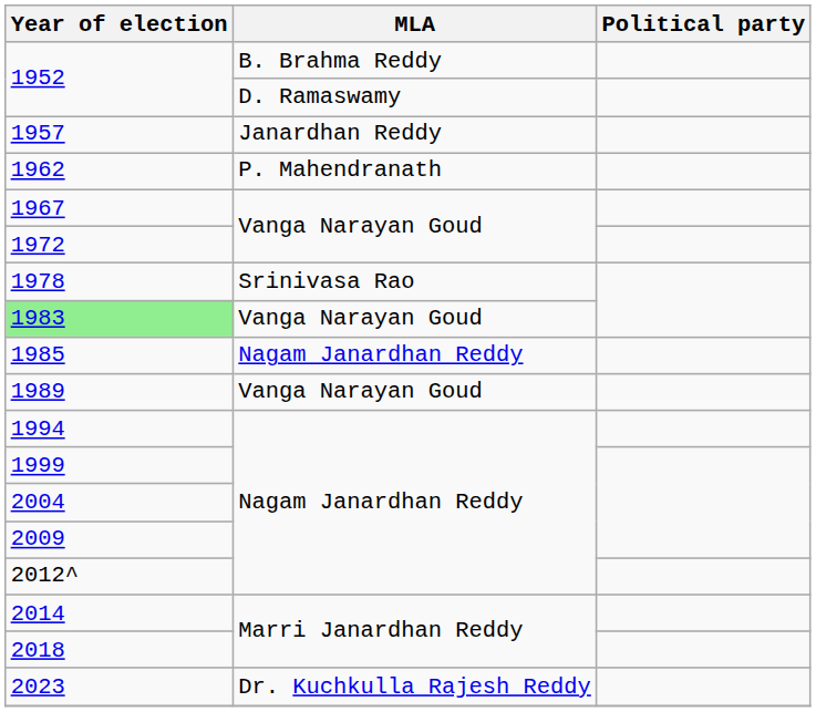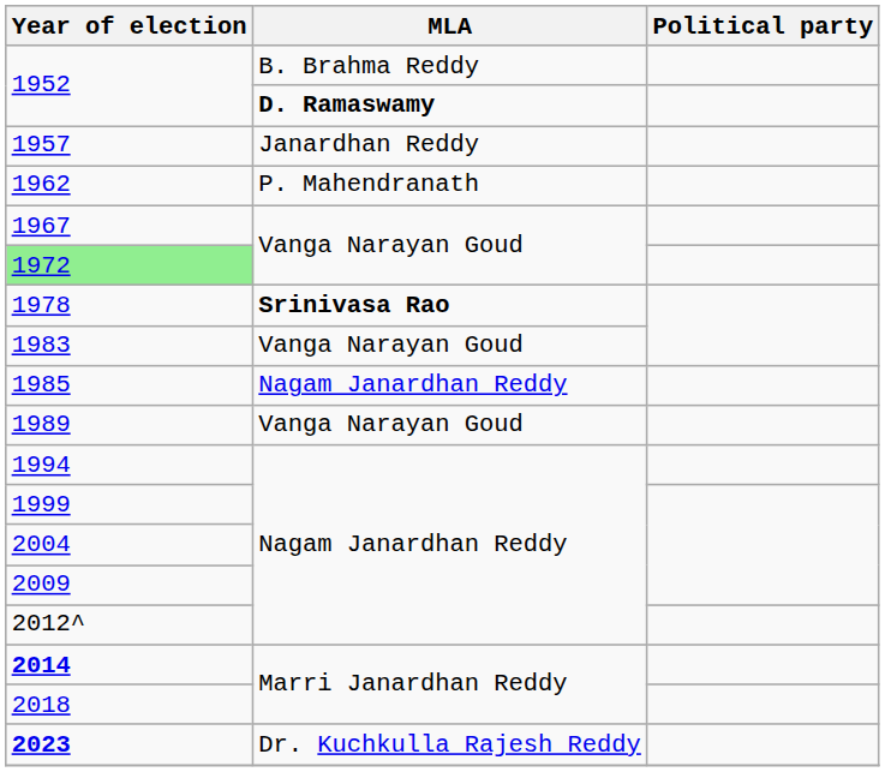 <table class="wikitable sortable">
 <tr>
 <th>Year of election</th>
 <th>MLA</th>
 <th colspan="2">Political party</th>
 </tr>
 <tr>
 <td rowspan="2"><a href='#'>1952</a></td>
 <td>B. Brahma Reddy</td>
 <td></td>
 </tr>
 <tr>
-<td>D. Ramaswamy</td>
+<td><strong>D. Ramaswamy</strong></td>
 </tr>
 <tr>
 <td><a href='#'>1957</a></td>
 <td>Janardhan Reddy</td>
 <td></td>
 </tr>
 <tr>
 <td><a href='#'>1962</a></td>
 <td>P. Mahendranath</td>
 </tr>
 <tr>
 <td><a href='#'>1967</a></td>
 <td rowspan=2>Vanga Narayan Goud</td>
 <td></td>
 </tr>
 <tr>
-<td><a href='#'>1972</a></td>
+<td style="background: lightgreen;"><a href='#'>1972</a></td>
 <td></td>
 </tr>
 <tr>
 <td><a href='#'>1978</a></td>
-<td>Srinivasa Rao</td>
+<td><strong>Srinivasa Rao</strong></td>
 </tr>
 <tr>
-<td style="background: lightgreen;"><a href='#'>1983</a></td>
+<td><a href='#'>1983</a></td>
 <td>Vanga Narayan Goud</td>
 </tr>
 <tr>
 <td><a href='#'>1985</a></td>
 <td><a href='#'>Nagam Janardhan Reddy</a></td>
 <td></td>
 </tr>
 <tr>
 <td><a href='#'>1989</a></td>
 <td>Vanga Narayan Goud</td>
 <td></td>
 </tr>
 <tr>
 <td><a href='#'>1994</a></td>
 <td rowspan=5>Nagam Janardhan Reddy</td>
 <td></td>
 </tr>
 <tr>
 <td><a href='#'>1999</a></td>
 </tr>
 <tr>
 <td><a href='#'>2004</a></td>
 </tr>
 <tr>
 <td><a href='#'>2009</a></td>
 </tr>
 <tr>
 <td>2012^</td>
 <td></td>
 </tr>
 <tr>
-<td><a href='#'>2014</a></td>
+<td><strong><a href='#'>2014</a></strong></td>
 <td rowspan=2>Marri Janardhan Reddy</td>
 <td></td>
 </tr>
 <tr>
 <td><a href='#'>2018</a></td>
 </tr>
 <tr>
-<td><a href='#'>2023</a></td>
+<td><strong><a href='#'>2023</a></strong></td>
 <td>Dr. <a href='#'>Kuchkulla Rajesh Reddy</a></td>
 <td></td>
 </tr>
 <tr>
 </tr>
 </table>
